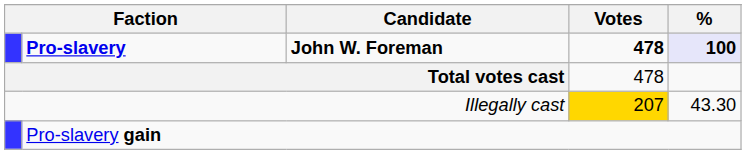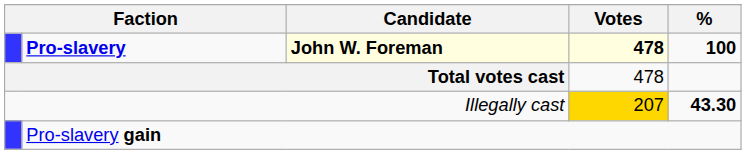 <table class="wikitable plainrowheaders" style="text-align:center;">
 <tr>
 </tr>
 <tr>
 <th scope="col" colspan="2" style="width: 15em">Faction</th>
 <th scope="col" style="width: 15em">Candidate</th>
 <th scope="col" style="width: 5em">Votes</th>
 <th scope="col" style="width: 3.5em">%</th>
 </tr>
 <tr>
 <td style="width: 0.5em; background-color:#3333FF"></td>
 <td style="text-align: left"><strong><a href='#'>Pro-slavery</a></strong></td>
-<td style="text-align: left"><strong>John W. Foreman</strong></td>
-<td style="text-align: right; margin-right: 0.5em"><strong>478</strong></td>
-<td style="background: lavender; text-align: right; margin-right: 0.5em"><strong>100</strong></td>
+<td style="background: lightyellow; text-align: left"><strong>John W. Foreman</strong></td>
+<td style="background: lightyellow; text-align: right; margin-right: 0.5em"><strong>478</strong></td>
+<td style="text-align: right; margin-right: 0.5em"><strong>100</strong></td>
 </tr>
 <tr>
 <th colspan="3" style="text-align:right;">Total votes cast</th>
 <td style="text-align:right;">478</td>
 <td style="text-align:right;"></td>
 </tr>
 <tr>
 <td colspan="3" style="text-align:right;"><em>Illegally cast</em></td>
 <td style="background: gold; text-align:right;">207</td>
-<td style="text-align:right;">43.30</td>
+<td style="text-align:right;"><strong>43.30</strong></td>
 </tr>
 <tr>
 <td style="width: 0.5em; background-color:#3333FF"></td>
 <td colspan="4" style="text-align:left;"><a href='#'>Pro-slavery</a> <strong>gain</strong></td>
 </tr>
 </table>
